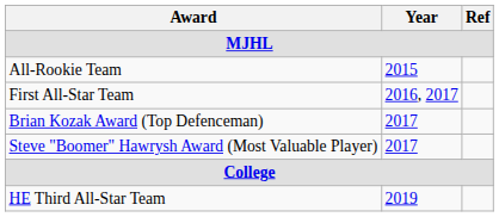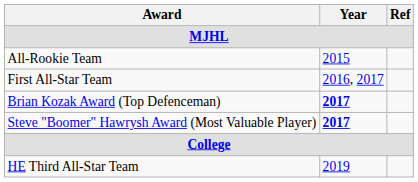 <table class="wikitable">
 <tr>
 <th>Award</th>
 <th>Year</th>
 <th>Ref</th>
 </tr>
 <tr ALIGN="center" bgcolor="#e0e0e0">
 <td colspan="3"><strong><a href='#'>MJHL</a></strong></td>
 </tr>
 <tr>
 <td>All-Rookie Team</td>
 <td><a href='#'>2015</a></td>
 <td></td>
 </tr>
 <tr>
 <td>First All-Star Team</td>
 <td><a href='#'>2016</a>, <a href='#'>2017</a></td>
 <td></td>
 </tr>
 <tr>
 <td><a href='#'>Brian Kozak Award</a> (Top Defenceman)</td>
-<td><a href='#'>2017</a></td>
+<td><strong><a href='#'>2017</a></strong></td>
 <td></td>
 </tr>
 <tr>
 <td><a href='#'>Steve "Boomer" Hawrysh Award</a> (Most Valuable Player)</td>
-<td><a href='#'>2017</a></td>
+<td><strong><a href='#'>2017</a></strong></td>
 <td></td>
 </tr>
 <tr ALIGN="center" bgcolor="#e0e0e0">
 <td colspan="3"><strong><a href='#'>College</a></strong></td>
 </tr>
 <tr>
 <td><a href='#'>HE</a> Third All-Star Team</td>
 <td><a href='#'>2019</a></td>
 <td></td>
 </tr>
 </table>
